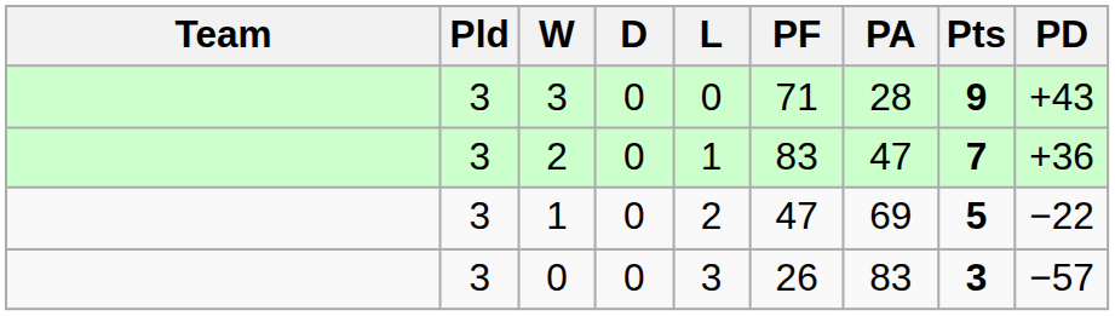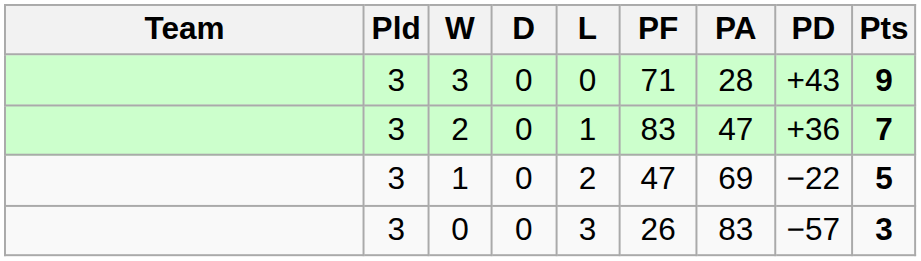 <table class="wikitable" style="text-align:center;">
 <tr>
 <th width=175>Team</th>
 <th width=25 abbr="Played">Pld</th>
 <th width=25 abbr="Won">W</th>
 <th width=25 abbr="Drawn">D</th>
 <th width=25 abbr="Lost">L</th>
 <th width=32 abbr="Points for">PF</th>
 <th width=32 abbr="Points against">PA</th>
+<th width=32 abbr="Points difference">PD</th>
 <th width=25 abbr="Points">Pts</th>
-<th width=32 abbr="Points difference">PD</th>
 </tr>
 <tr bgcolor=ccffcc>
 <td align=left></td>
 <td>3</td>
 <td>3</td>
 <td>0</td>
 <td>0</td>
 <td>71</td>
 <td>28</td>
+<td>+43</td>
 <td><strong>9</strong></td>
-<td>+43</td>
 </tr>
 <tr bgcolor=ccffcc>
 <td align=left></td>
 <td>3</td>
 <td>2</td>
 <td>0</td>
 <td>1</td>
 <td>83</td>
 <td>47</td>
+<td>+36</td>
 <td><strong>7</strong></td>
-<td>+36</td>
 </tr>
 <tr>
 <td align=left></td>
 <td>3</td>
 <td>1</td>
 <td>0</td>
 <td>2</td>
 <td>47</td>
 <td>69</td>
+<td>−22</td>
 <td><strong>5</strong></td>
-<td>−22</td>
 </tr>
 <tr>
 <td align=left></td>
 <td>3</td>
 <td>0</td>
 <td>0</td>
 <td>3</td>
 <td>26</td>
 <td>83</td>
+<td>−57</td>
 <td><strong>3</strong></td>
-<td>−57</td>
 </tr>
 </table>
